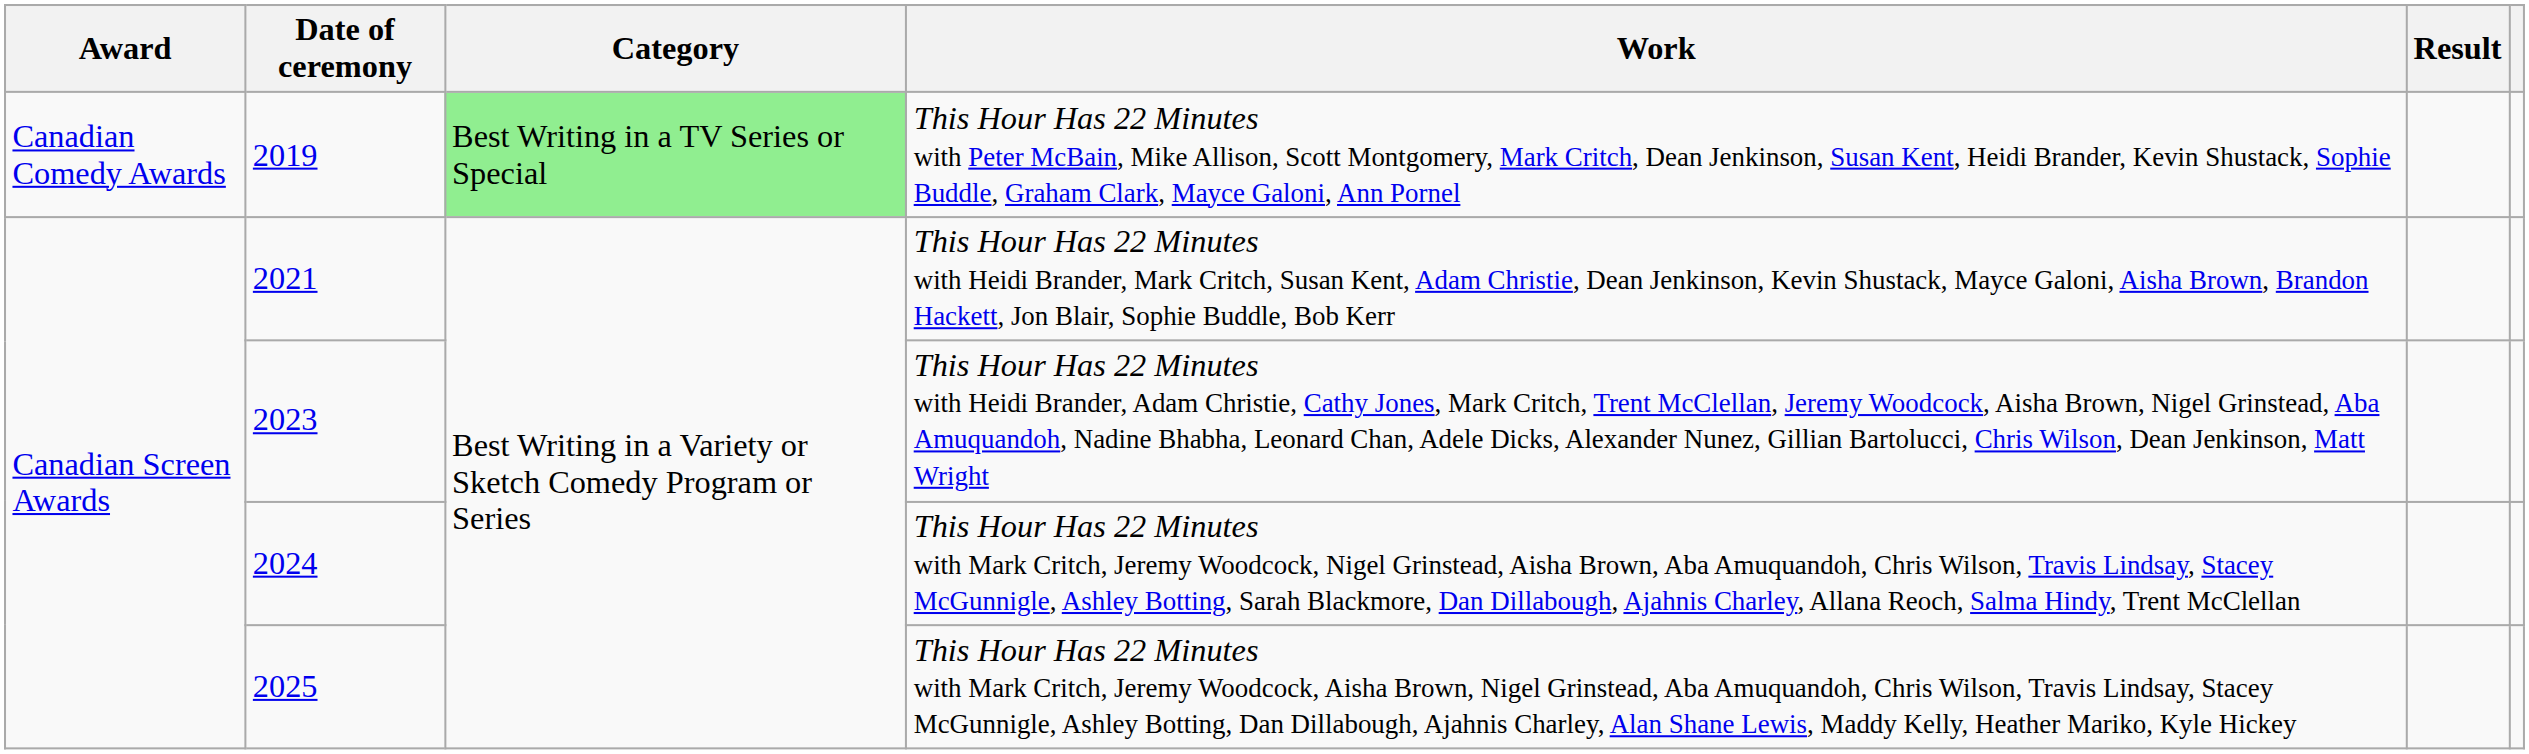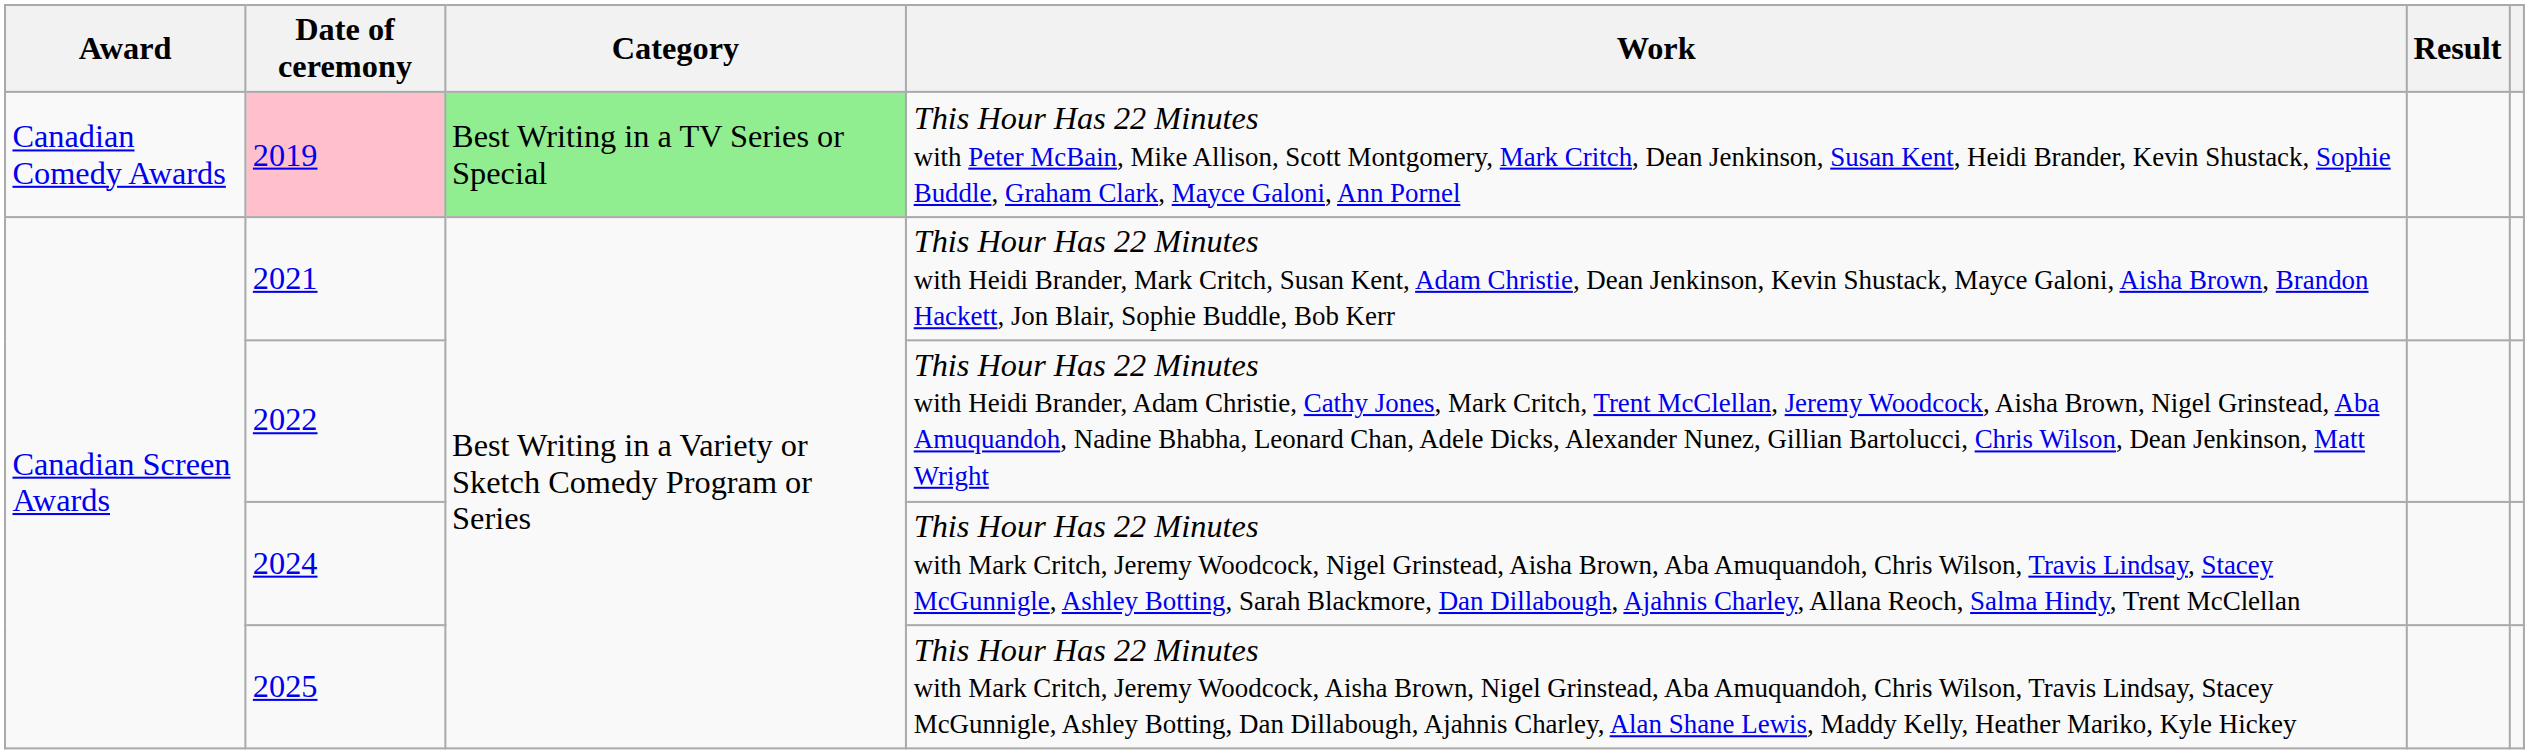 <table class="wikitable sortable plainrowheaders">
 <tr>
 <th scope="col">Award</th>
 <th scope="col">Date of ceremony</th>
 <th scope="col">Category</th>
 <th scope="col">Work</th>
 <th scope="col">Result</th>
 <th scope="col" class="unsortable"></th>
 </tr>
 <tr>
 <td><a href='#'>Canadian Comedy Awards</a></td>
-<td><a href='#'>2019</a></td>
+<td style="background: pink;"><a href='#'>2019</a></td>
 <td style="background: lightgreen;">Best Writing in a TV Series or Special</td>
 <td><em>This Hour Has 22 Minutes</em><br><small>with <a href='#'>Peter McBain</a>, Mike Allison, Scott Montgomery, <a href='#'>Mark Critch</a>, Dean Jenkinson, <a href='#'>Susan Kent</a>, Heidi Brander, Kevin Shustack, <a href='#'>Sophie Buddle</a>, <a href='#'>Graham Clark</a>, <a href='#'>Mayce Galoni</a>, <a href='#'>Ann Pornel</a></small></td>
 <td></td>
 <td></td>
 </tr>
 <tr>
 <td rowspan=4><a href='#'>Canadian Screen Awards</a></td>
 <td><a href='#'>2021</a></td>
 <td rowspan=4>Best Writing in a Variety or Sketch Comedy Program or Series</td>
 <td><em>This Hour Has 22 Minutes</em><br><small>with Heidi Brander, Mark Critch, Susan Kent, <a href='#'>Adam Christie</a>, Dean Jenkinson, Kevin Shustack, Mayce Galoni, <a href='#'>Aisha Brown</a>, <a href='#'>Brandon Hackett</a>, Jon Blair, Sophie Buddle, Bob Kerr</small></td>
 <td></td>
 <td></td>
 </tr>
 <tr>
-<td><a href='#'>2023</a></td>
+<td><a href='#'>2022</a></td>
 <td><em>This Hour Has 22 Minutes</em><br><small>with Heidi Brander, Adam Christie, <a href='#'>Cathy Jones</a>, Mark Critch, <a href='#'>Trent McClellan</a>, <a href='#'>Jeremy Woodcock</a>, Aisha Brown, Nigel Grinstead, <a href='#'>Aba Amuquandoh</a>, Nadine Bhabha, Leonard Chan, Adele Dicks, Alexander Nunez, Gillian Bartolucci, <a href='#'>Chris Wilson</a>, Dean Jenkinson, <a href='#'>Matt Wright</a></small></td>
 <td></td>
 <td></td>
 </tr>
 <tr>
 <td><a href='#'>2024</a></td>
 <td><em>This Hour Has 22 Minutes</em><br><small>with Mark Critch, Jeremy Woodcock, Nigel Grinstead, Aisha Brown, Aba Amuquandoh, Chris Wilson, <a href='#'>Travis Lindsay</a>, <a href='#'>Stacey McGunnigle</a>, <a href='#'>Ashley Botting</a>, Sarah Blackmore, <a href='#'>Dan Dillabough</a>, <a href='#'>Ajahnis Charley</a>, Allana Reoch, <a href='#'>Salma Hindy</a>, Trent McClellan</small></td>
 <td></td>
 <td></td>
 </tr>
 <tr>
 <td><a href='#'>2025</a></td>
 <td><em>This Hour Has 22 Minutes</em><br><small>with Mark Critch, Jeremy Woodcock, Aisha Brown, Nigel Grinstead, Aba Amuquandoh, Chris Wilson, Travis Lindsay, Stacey McGunnigle, Ashley Botting, Dan Dillabough, Ajahnis Charley, <a href='#'>Alan Shane Lewis</a>, Maddy Kelly, Heather Mariko, Kyle Hickey</small></td>
 <td></td>
 <td></td>
 </tr>
 </table>
